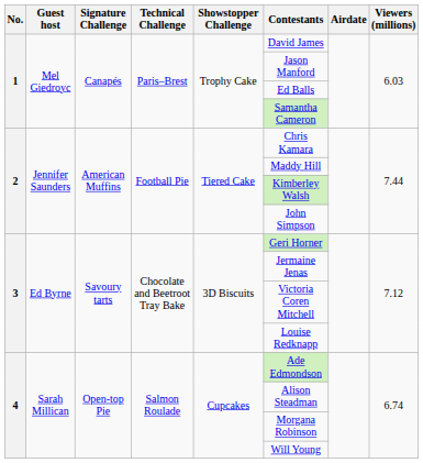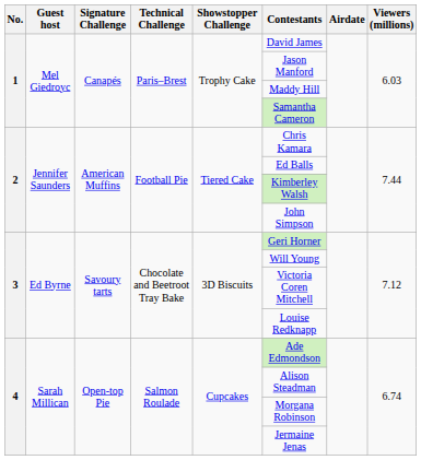 <table class="wikitable" style="text-align:center;">
 <tr>
 <th scope="col">No.</th>
 <th scope="col">Guest host</th>
 <th scope="col">Signature Challenge</th>
 <th scope="col">Technical Challenge</th>
 <th scope="col">Showstopper Challenge</th>
 <th scope="col">Contestants</th>
 <th scope="col">Airdate</th>
 <th scope="col">Viewers<br>(millions)</th>
 </tr>
 <tr>
 <th scope="rowgroup" rowspan=4>1</th>
 <td rowspan=4><a href='#'>Mel Giedroyc</a></td>
 <td rowspan=4><a href='#'>Canapés</a></td>
 <td rowspan=4><a href='#'>Paris–Brest</a></td>
 <td rowspan=4>Trophy Cake</td>
 <td><a href='#'>David James</a></td>
 <td rowspan=4></td>
 <td rowspan=4>6.03</td>
 </tr>
 <tr>
 <td><a href='#'>Jason Manford</a></td>
 </tr>
 <tr>
-<td><a href='#'>Ed Balls</a></td>
+<td><a href='#'>Maddy Hill</a></td>
 </tr>
 <tr style="background:#d0f0c0">
 <td><a href='#'>Samantha Cameron</a></td>
 </tr>
 <tr>
 <th scope="rowgroup" rowspan=4>2</th>
 <td rowspan=4><a href='#'>Jennifer Saunders</a></td>
 <td rowspan=4><a href='#'>American Muffins</a></td>
 <td rowspan=4><a href='#'>Football Pie</a></td>
 <td rowspan=4><a href='#'>Tiered Cake</a></td>
 <td><a href='#'>Chris Kamara</a></td>
 <td rowspan=4></td>
 <td rowspan=4>7.44</td>
 </tr>
 <tr>
-<td><a href='#'>Maddy Hill</a></td>
+<td><a href='#'>Ed Balls</a></td>
 </tr>
 <tr style="background:#d0f0c0">
 <td><a href='#'>Kimberley Walsh</a></td>
 </tr>
 <tr>
 <td><a href='#'>John Simpson</a></td>
 </tr>
 <tr>
 <th scope="rowgroup" rowspan=4>3</th>
 <td rowspan=4><a href='#'>Ed Byrne</a></td>
 <td rowspan=4><a href='#'>Savoury tarts</a></td>
 <td rowspan=4>Chocolate and Beetroot Tray Bake</td>
 <td rowspan=4>3D Biscuits</td>
 <td style="background:#d0f0c0"><a href='#'>Geri Horner</a></td>
 <td rowspan=4></td>
 <td rowspan=4>7.12</td>
 </tr>
 <tr>
-<td><a href='#'>Jermaine Jenas</a></td>
+<td><a href='#'>Will Young</a></td>
 </tr>
 <tr>
 <td><a href='#'>Victoria Coren Mitchell</a></td>
 </tr>
 <tr>
 <td><a href='#'>Louise Redknapp</a></td>
 </tr>
 <tr>
 <th scope="rowgroup" rowspan=4>4</th>
 <td rowspan=4><a href='#'>Sarah Millican</a></td>
 <td rowspan=4><a href='#'>Open-top Pie</a></td>
 <td rowspan=4><a href='#'>Salmon Roulade</a></td>
 <td rowspan=4><a href='#'>Cupcakes</a></td>
 <td style="background:#d0f0c0"><a href='#'>Ade Edmondson</a></td>
 <td rowspan=4></td>
 <td rowspan=4>6.74</td>
 </tr>
 <tr>
 <td><a href='#'>Alison Steadman</a></td>
 </tr>
 <tr>
 <td><a href='#'>Morgana Robinson</a></td>
 </tr>
 <tr>
-<td><a href='#'>Will Young</a></td>
+<td><a href='#'>Jermaine Jenas</a></td>
 </tr>
 </table>
